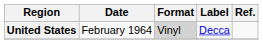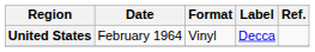 <table class="wikitable plainrowheaders">
 <tr>
 <th scope="col">Region</th>
 <th scope="col">Date</th>
 <th scope="col">Format</th>
 <th scope="col">Label</th>
 <th scope="col">Ref.</th>
 </tr>
 <tr>
 <th scope="row">United States</th>
 <td>February 1964</td>
-<td style="background: lightgrey;">Vinyl</td>
+<td>Vinyl</td>
 <td><a href='#'>Decca</a></td>
 <td></td>
 </tr>
 <tr>
 </tr>
 </table>
